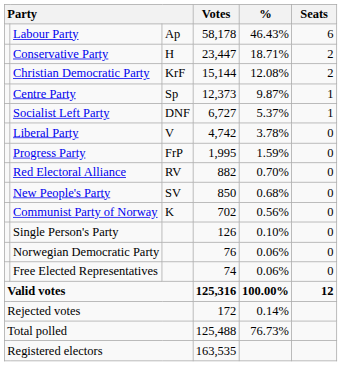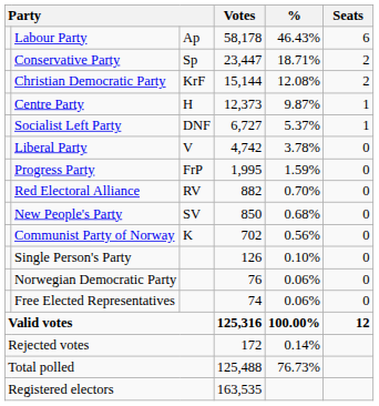 <table class="wikitable" border="1" style="text-align:right;">
 <tr>
 <th style="text-align:left;" colspan=3>Party</th>
 <th align=center width="50">Votes</th>
 <th align=center width="50">%</th>
 <th align=center width="50">Seats</th>
 </tr>
 <tr>
 <td style="color:inherit;background:"></td>
 <td align=left><a href='#'>Labour Party</a></td>
 <td align=left>Ap</td>
 <td>58,178</td>
 <td>46.43%</td>
 <td>6</td>
 </tr>
 <tr>
 <td style="color:inherit;background:"></td>
 <td align=left><a href='#'>Conservative Party</a></td>
-<td align=left>H</td>
+<td align=left>Sp</td>
 <td>23,447</td>
 <td>18.71%</td>
 <td>2</td>
 </tr>
 <tr>
 <td style="color:inherit;background:"></td>
 <td align=left><a href='#'>Christian Democratic Party</a></td>
 <td align=left>KrF</td>
 <td>15,144</td>
 <td>12.08%</td>
 <td>2</td>
 </tr>
 <tr>
 <td style="color:inherit;background:"></td>
 <td align=left><a href='#'>Centre Party</a></td>
-<td align=left>Sp</td>
+<td align=left>H</td>
 <td>12,373</td>
 <td>9.87%</td>
 <td>1</td>
 </tr>
 <tr>
 <td style="color:inherit;background:"></td>
 <td align=left><a href='#'>Socialist Left Party</a></td>
 <td align=left>DNF</td>
 <td>6,727</td>
 <td>5.37%</td>
 <td>1</td>
 </tr>
 <tr>
 <td style="color:inherit;background:"></td>
 <td align=left><a href='#'>Liberal Party</a></td>
 <td align=left>V</td>
 <td>4,742</td>
 <td>3.78%</td>
 <td>0</td>
 </tr>
 <tr>
 <td style="color:inherit;background:"></td>
 <td align=left><a href='#'>Progress Party</a></td>
 <td align=left>FrP</td>
 <td>1,995</td>
 <td>1.59%</td>
 <td>0</td>
 </tr>
 <tr>
 <td style="color:inherit;background:"></td>
 <td align=left><a href='#'>Red Electoral Alliance</a></td>
 <td align=left>RV</td>
 <td>882</td>
 <td>0.70%</td>
 <td>0</td>
 </tr>
 <tr>
 <td style="color:inherit;background:"></td>
 <td align=left><a href='#'>New People's Party</a></td>
 <td align=left>SV</td>
 <td>850</td>
 <td>0.68%</td>
 <td>0</td>
 </tr>
 <tr>
 <td style="color:inherit;background:"></td>
 <td align=left><a href='#'>Communist Party of Norway</a></td>
 <td align=left>K</td>
 <td>702</td>
 <td>0.56%</td>
 <td>0</td>
 </tr>
 <tr>
 <td></td>
 <td align=left>Single Person's Party</td>
 <td align=left></td>
 <td>126</td>
 <td>0.10%</td>
 <td>0</td>
 </tr>
 <tr>
 <td></td>
 <td align=left>Norwegian Democratic Party</td>
 <td align=left></td>
 <td>76</td>
 <td>0.06%</td>
 <td>0</td>
 </tr>
 <tr>
 <td></td>
 <td align=left>Free Elected Representatives</td>
 <td align=left></td>
 <td>74</td>
 <td>0.06%</td>
 <td>0</td>
 </tr>
 <tr style="font-weight:bold">
 <td align=left colspan=3>Valid votes</td>
 <td>125,316</td>
 <td>100.00%</td>
 <td>12</td>
 </tr>
 <tr>
 <td align=left colspan=3>Rejected votes</td>
 <td>172</td>
 <td>0.14%</td>
 <td></td>
 </tr>
 <tr>
 <td align=left colspan=3>Total polled</td>
 <td>125,488</td>
 <td>76.73%</td>
 <td></td>
 </tr>
 <tr>
 <td align=left colspan=3>Registered electors</td>
 <td>163,535</td>
 <td></td>
 <td></td>
 </tr>
 </table>
